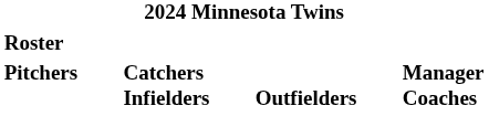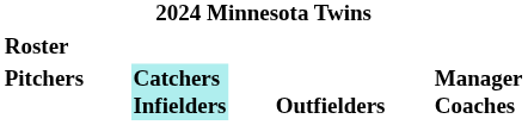 <table class="toccolours" style="font-size: 95%;">
 <tr>
 <th colspan="10">2024 Minnesota Twins</th>
 </tr>
 <tr>
 <td colspan="10"><strong>Roster</strong></td>
 </tr>
 <tr>
 <td valign="top"><strong>Pitchers</strong><br>                               </td>
 <td style="width:25px;"></td>
-<td valign="top"><strong>Catchers</strong><br>   <strong>Infielders</strong>         </td>
+<td valign="top" style="background: paleturquoise;"><strong>Catchers</strong><br>   <strong>Infielders</strong>         </td>
 <td style="width:25px;"></td>
 <td valign="top"><br><strong>Outfielders</strong>         </td>
 <td style="width:25px;"></td>
 <td valign="top"><strong>Manager</strong><br> <strong>Coaches</strong>                          </td>
 </tr>
 </table>
